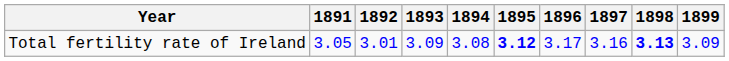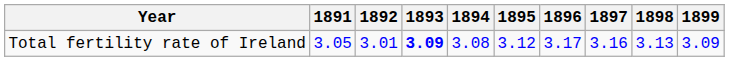 <table class="wikitable " style="text-align:right">
 <tr>
 <th>Year</th>
 <th>1891</th>
 <th>1892</th>
 <th>1893</th>
 <th>1894</th>
 <th>1895</th>
 <th>1896</th>
 <th>1897</th>
 <th>1898</th>
 <th>1899</th>
 </tr>
 <tr>
 <td align="left">Total fertility rate of Ireland</td>
 <td style="text-align:right; color:blue;">3.05</td>
 <td style="text-align:right; color:blue;">3.01</td>
-<td style="text-align:right; color:blue;">3.09</td>
+<td style="text-align:right; color:blue;"><strong>3.09</strong></td>
 <td style="text-align:right; color:blue;">3.08</td>
-<td style="text-align:right; color:blue;"><strong>3.12</strong></td>
+<td style="text-align:right; color:blue;">3.12</td>
 <td style="text-align:right; color:blue;">3.17</td>
 <td style="text-align:right; color:blue;">3.16</td>
-<td style="text-align:right; color:blue;"><strong>3.13</strong></td>
+<td style="text-align:right; color:blue;">3.13</td>
 <td style="text-align:right; color:blue;">3.09</td>
 </tr>
 </table>
